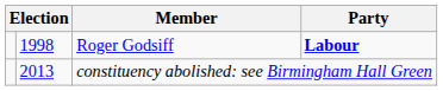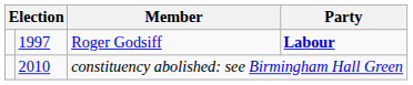 <table class="wikitable">
 <tr>
 <th colspan="2">Election</th>
 <th>Member </th>
 <th>Party</th>
 </tr>
 <tr>
 <td style="color:inherit;background-color: "></td>
-<td><a href='#'>1998</a></td>
+<td><a href='#'>1997</a></td>
 <td><a href='#'>Roger Godsiff</a></td>
 <td><strong><a href='#'>Labour</a></strong></td>
 </tr>
 <tr>
 <td></td>
-<td><a href='#'>2013</a></td>
+<td><a href='#'>2010</a></td>
 <td colspan="2"><em>constituency abolished: see <a href='#'>Birmingham Hall Green</a></em></td>
 </tr>
 </table>
